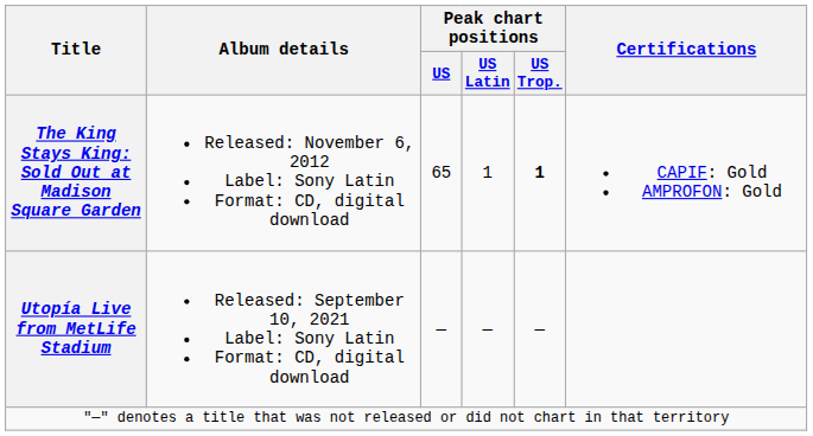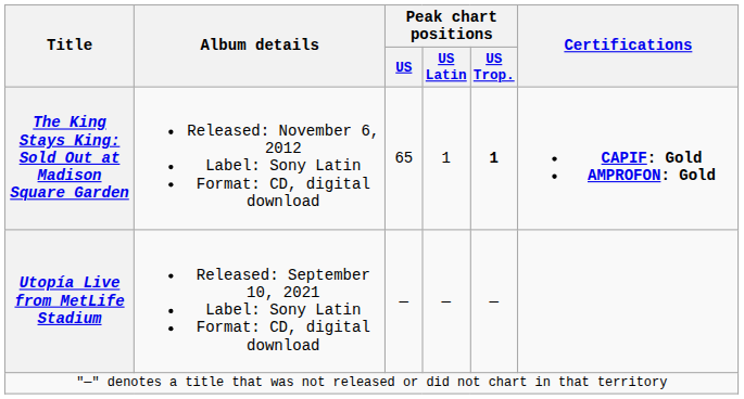 <table class="wikitable plainrowheaders" style="text-align:center;">
 <tr>
 <th scope="col" rowspan="2" style="width:8em;">Title</th>
 <th scope="col" rowspan="2" style="width:16em;">Album details</th>
 <th scope="col" colspan="3">Peak chart positions</th>
 <th scope="col" rowspan="2" style="width:14em;"><a href='#'>Certifications</a></th>
 </tr>
 <tr>
 <th scope="col" style="width:2.2em;font-size:90%;"><a href='#'>US</a><br></th>
 <th scope="col" style="width:2.2em;font-size:90%;"><a href='#'>US<br>Latin</a><br></th>
 <th scope="col" style="width:2.2em;font-size:90%;"><a href='#'>US<br>Trop.</a><br></th>
 </tr>
 <tr>
 <th scope="row" align="center"><em><a href='#'>The King Stays King: Sold Out at Madison Square Garden</a></em></th>
 <td><br><ul><li>Released: November 6, 2012</li><li>Label: Sony Latin</li><li>Format: CD, digital download</li></ul></td>
 <td>65</td>
 <td>1</td>
 <td><strong>1</strong></td>
-<td><br><ul><li><a href='#'>CAPIF</a>: Gold</li><li><a href='#'>AMPROFON</a>: Gold</li></ul></td>
+<td><strong><br><ul><li><a href='#'>CAPIF</a>: Gold</li><li><a href='#'>AMPROFON</a>: Gold</li></ul></strong></td>
 </tr>
 <tr>
 <th scope="row" align="center"><em><a href='#'>Utopía Live from MetLife Stadium</a></em></th>
 <td><br><ul><li>Released: September 10, 2021</li><li>Label: Sony Latin</li><li>Format: CD, digital download</li></ul></td>
 <td>—</td>
 <td>—</td>
 <td>—</td>
 <td></td>
 </tr>
 <tr>
 <td colspan="14" style="text-align:center; font-size:85%">"—" denotes a title that was not released or did not chart in that territory</td>
 </tr>
 </table>
